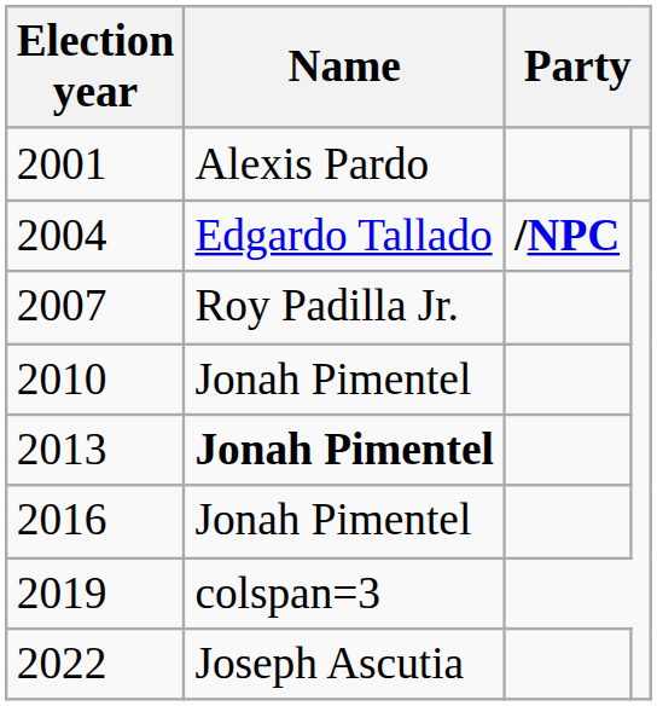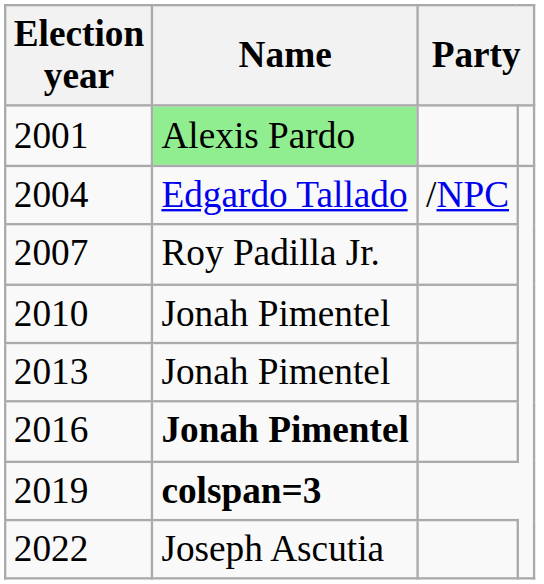 <table class=wikitable>
 <tr>
 <th>Election<br>year</th>
 <th>Name</th>
 <th colspan=2>Party</th>
 </tr>
 <tr>
 <td>2001</td>
-<td>Alexis Pardo</td>
+<td style="background: lightgreen;">Alexis Pardo</td>
 <td></td>
 <td></td>
 </tr>
 <tr>
 <td>2004</td>
 <td><a href='#'>Edgardo Tallado</a></td>
-<td><strong>/<a href='#'>NPC</a></strong></td>
+<td>/<a href='#'>NPC</a></td>
 </tr>
 <tr>
 <td>2007</td>
 <td>Roy Padilla Jr.</td>
 <td></td>
 </tr>
 <tr>
 <td>2010</td>
 <td>Jonah Pimentel</td>
 <td></td>
 </tr>
 <tr>
 <td>2013</td>
+<td>Jonah Pimentel</td>
+<td></td>
+</tr>
+<tr>
+<td>2016</td>
 <td><strong>Jonah Pimentel</strong></td>
 <td></td>
 </tr>
 <tr>
-<td>2016</td>
-<td>Jonah Pimentel</td>
-<td></td>
-</tr>
-<tr>
 <td>2019</td>
-<td>colspan=3 </td>
+<td><strong>colspan=3 </strong></td>
 </tr>
 <tr>
 <td>2022</td>
 <td>Joseph Ascutia</td>
 <td></td>
 </tr>
 </table>
